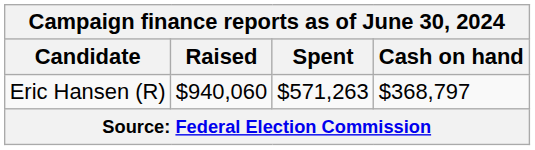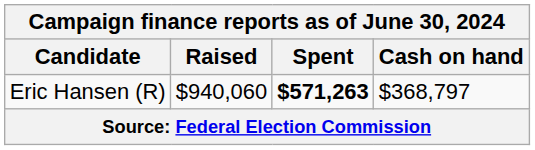 <table class="wikitable sortable">
 <tr>
 <th colspan=4>Campaign finance reports as of June 30, 2024</th>
 </tr>
 <tr style="text-align:center;">
 <th>Candidate</th>
 <th>Raised</th>
 <th>Spent</th>
 <th>Cash on hand</th>
 </tr>
 <tr>
 <td>Eric Hansen (R)</td>
 <td>$940,060</td>
-<td>$571,263</td>
+<td><strong>$571,263</strong></td>
 <td>$368,797</td>
 </tr>
 <tr>
 <th colspan="4"><small>Source: <a href='#'>Federal Election Commission</a></small></th>
 </tr>
 </table>
